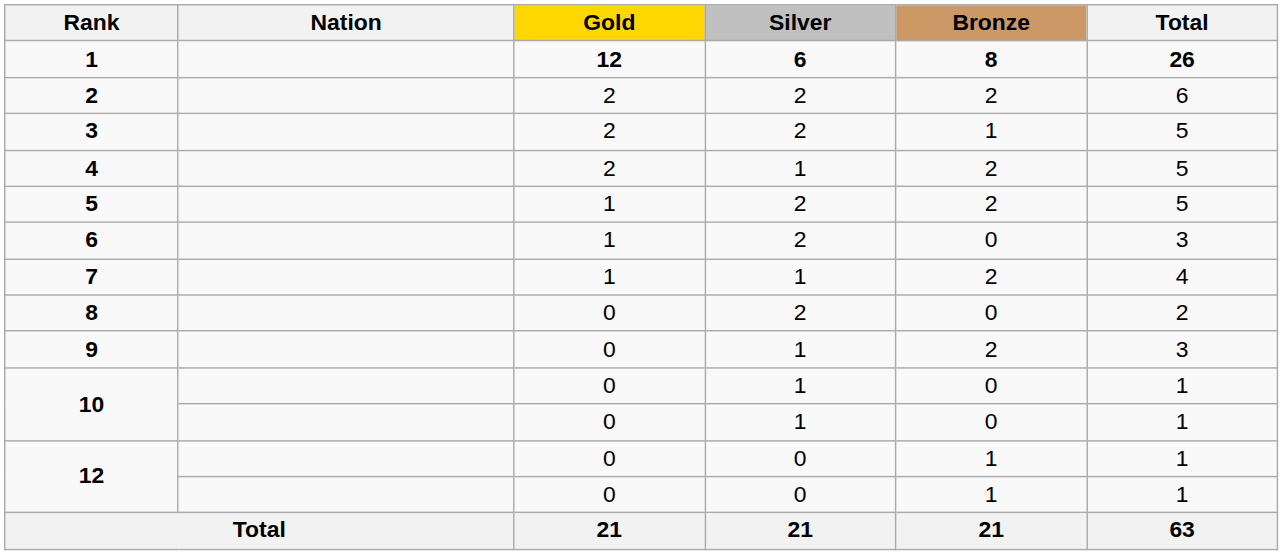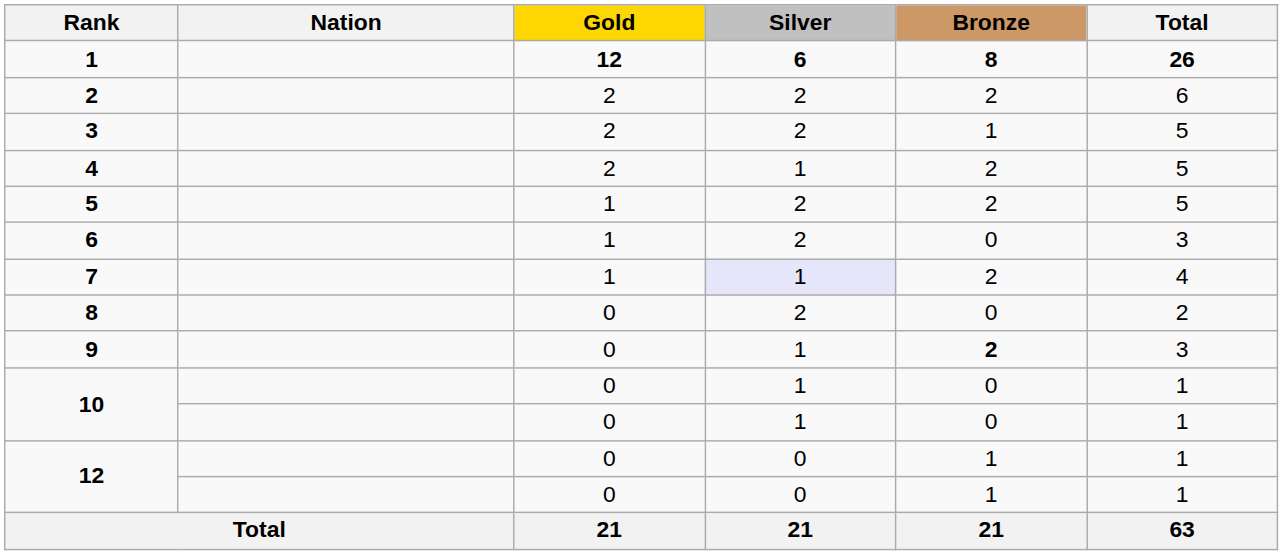 <table class="wikitable collapsible autocollapse plainrowheaders" width=70.5% style="text-align:center;">
 <tr style="background-color:#EDEDED;">
 <th width=100px class="hintergrundfarbe5">Rank</th>
 <th width=200px class="hintergrundfarbe6">Nation</th>
 <th style="background:    gold; width:15%">Gold</th>
 <th style="background:  silver; width:15%">Silver</th>
 <th style="background: #CC9966; width:15%">Bronze</th>
 <th class="hintergrundfarbe6" style="width:15%">Total</th>
 </tr>
 <tr>
 <td><strong>1</strong></td>
 <td align=left></td>
 <td><strong>12</strong></td>
 <td><strong>6</strong></td>
 <td><strong>8</strong></td>
 <td><strong>26</strong></td>
 </tr>
 <tr>
 <td><strong>2</strong></td>
 <td align=left></td>
 <td>2</td>
 <td>2</td>
 <td>2</td>
 <td>6</td>
 </tr>
 <tr>
 <td><strong>3</strong></td>
 <td align=left></td>
 <td>2</td>
 <td>2</td>
 <td>1</td>
 <td>5</td>
 </tr>
 <tr>
 <td><strong>4</strong></td>
 <td align=left></td>
 <td>2</td>
 <td>1</td>
 <td>2</td>
 <td>5</td>
 </tr>
 <tr>
 <td><strong>5</strong></td>
 <td align=left></td>
 <td>1</td>
 <td>2</td>
 <td>2</td>
 <td>5</td>
 </tr>
 <tr>
 <td><strong>6</strong></td>
 <td align=left></td>
 <td>1</td>
 <td>2</td>
 <td>0</td>
 <td>3</td>
 </tr>
 <tr>
 <td><strong>7</strong></td>
 <td align=left><em></em></td>
 <td>1</td>
-<td>1</td>
+<td style="background: lavender;">1</td>
 <td>2</td>
 <td>4</td>
 </tr>
 <tr>
 <td><strong>8</strong></td>
 <td align=left></td>
 <td>0</td>
 <td>2</td>
 <td>0</td>
 <td>2</td>
 </tr>
 <tr>
 <td><strong>9</strong></td>
 <td align=left></td>
 <td>0</td>
 <td>1</td>
-<td>2</td>
+<td><strong>2</strong></td>
 <td>3</td>
 </tr>
 <tr>
 <td rowspan=2><strong>10</strong></td>
 <td align=left></td>
 <td>0</td>
 <td>1</td>
 <td>0</td>
 <td>1</td>
 </tr>
 <tr>
 <td align=left></td>
 <td>0</td>
 <td>1</td>
 <td>0</td>
 <td>1</td>
 </tr>
 <tr>
 <td rowspan=2><strong>12</strong></td>
 <td align=left></td>
 <td>0</td>
 <td>0</td>
 <td>1</td>
 <td>1</td>
 </tr>
 <tr>
 <td align=left></td>
 <td>0</td>
 <td>0</td>
 <td>1</td>
 <td>1</td>
 </tr>
 <tr>
 <th colspan=2>Total</th>
 <th>21</th>
 <th>21</th>
 <th>21</th>
 <th>63</th>
 </tr>
 </table>
